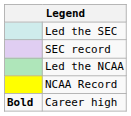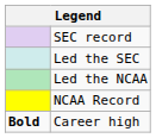 <table class="wikitable">
 <tr>
 <th colspan="2">Legend</th>
 </tr>
 <tr>
+<td style="background:#e0cef2; width:3em;"></td>
+<td>SEC record</td>
+</tr>
+<tr>
 <td style="background:#cfecec; width:3em;"></td>
 <td>Led the SEC</td>
-</tr>
-<tr>
-<td style="background:#e0cef2; width:3em;"></td>
-<td>SEC record</td>
 </tr>
 <tr>
 <td style="background:#afe6ba; width:3em;"></td>
 <td>Led the NCAA</td>
 </tr>
 <tr>
 <td style="background:#ff0; width:3em;"></td>
 <td>NCAA Record</td>
 </tr>
 <tr>
 <td><strong>Bold</strong></td>
 <td>Career high</td>
 </tr>
 </table>
